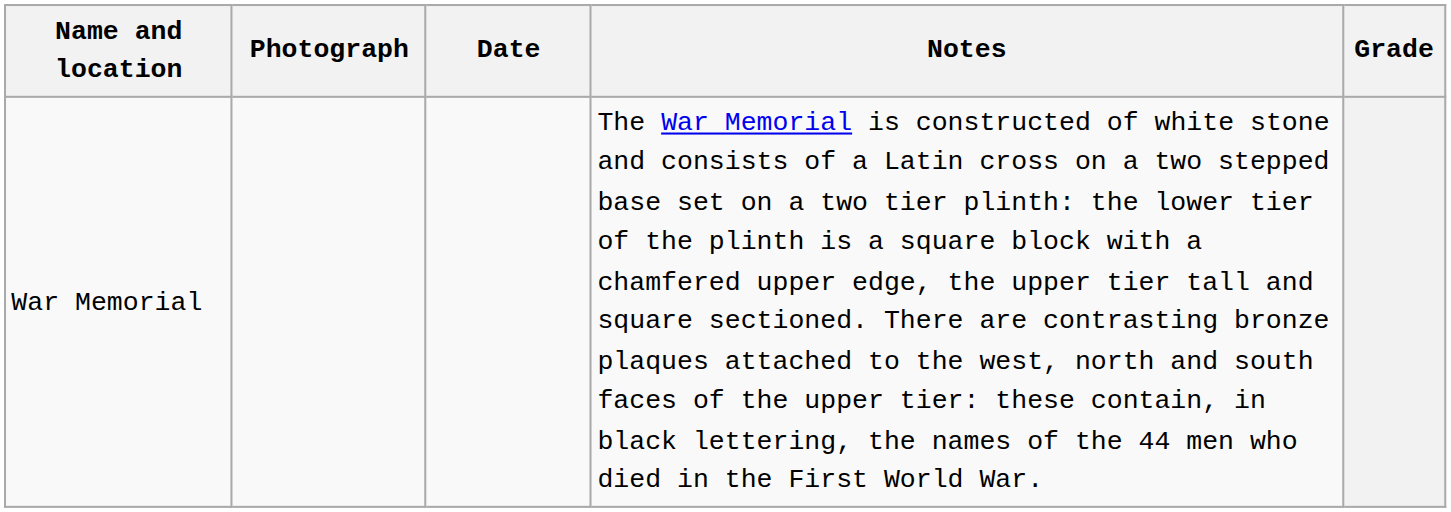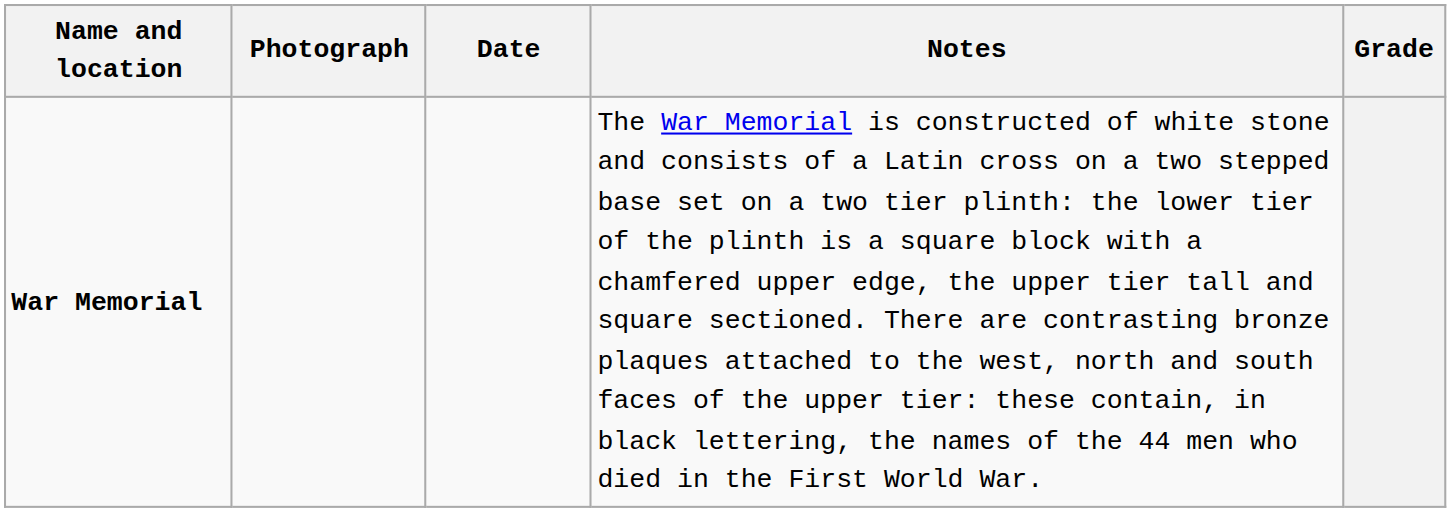 <table class="wikitable sortable plainrowheaders" style="width:80%;border:0px;text-align:left;line-height:150%;">
 <tr>
 <th scope="col"  style="width:150px">Name and location</th>
 <th scope="col"  style="width:100px" class="unsortable">Photograph</th>
 <th scope="col"  style="width:120px">Date</th>
 <th scope="col"  style="width:650px" class="unsortable">Notes</th>
 <th scope="col"  style="width:50px">Grade</th>
 </tr>
 <tr>
-<td>War Memorial<br><small></small></td>
+<td><strong>War Memorial<br><small></small></strong></td>
 <td></td>
 <td align="center"></td>
 <td>The <a href='#'>War Memorial</a> is constructed of white stone and consists of a Latin cross on a two stepped base set on a two tier plinth: the lower tier of the plinth is a square block with a chamfered upper edge, the upper tier tall and square sectioned. There are contrasting bronze plaques attached to the west, north and south faces of the upper tier: these contain, in black lettering, the names of the 44 men who died in the First World War.</td>
 <th></th>
 </tr>
 <tr>
 </tr>
 </table>
